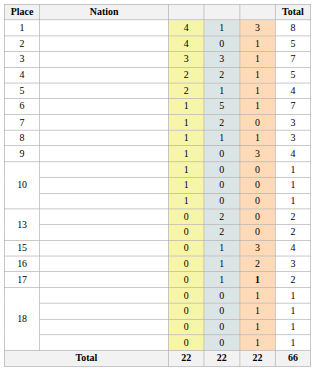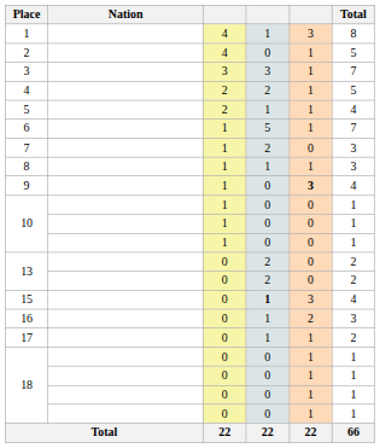 <table class="wikitable" style="border:1px solid #AAAAAA">
 <tr bgcolor="#EFEFEF">
 <th width=50>Place</th>
 <th width=200>Nation</th>
 <th width=50></th>
 <th width=50></th>
 <th width=50></th>
 <th width=50>Total</th>
 </tr>
 <tr align=center bgcolor="#FFFFFF">
 <td>1</td>
 <td align="left"></td>
 <td style="background:#F7F6A8;">4</td>
 <td style="background:#DCE5E5;">1</td>
 <td style="background:#FFDAB9;">3</td>
 <td>8</td>
 </tr>
 <tr align=center bgcolor="#FFFFFF">
 <td>2</td>
 <td align="left"></td>
 <td style="background:#F7F6A8;">4</td>
 <td style="background:#DCE5E5;">0</td>
 <td style="background:#FFDAB9;">1</td>
 <td>5</td>
 </tr>
 <tr align=center bgcolor="#FFFFFF">
 <td>3</td>
 <td align="left"></td>
 <td style="background:#F7F6A8;">3</td>
 <td style="background:#DCE5E5;">3</td>
 <td style="background:#FFDAB9;">1</td>
 <td>7</td>
 </tr>
 <tr align=center bgcolor="#FFFFFF">
 <td>4</td>
 <td align="left"></td>
 <td style="background:#F7F6A8;">2</td>
 <td style="background:#DCE5E5;">2</td>
 <td style="background:#FFDAB9;">1</td>
 <td>5</td>
 </tr>
 <tr align=center bgcolor="#FFFFFF">
 <td>5</td>
 <td align="left"></td>
 <td style="background:#F7F6A8;">2</td>
 <td style="background:#DCE5E5;">1</td>
 <td style="background:#FFDAB9;">1</td>
 <td>4</td>
 </tr>
 <tr align=center bgcolor="#FFFFFF">
 <td>6</td>
 <td align="left"></td>
 <td style="background:#F7F6A8;">1</td>
 <td style="background:#DCE5E5;">5</td>
 <td style="background:#FFDAB9;">1</td>
 <td>7</td>
 </tr>
 <tr align=center bgcolor="#FFFFFF">
 <td>7</td>
 <td align="left"></td>
 <td style="background:#F7F6A8;">1</td>
 <td style="background:#DCE5E5;">2</td>
 <td style="background:#FFDAB9;">0</td>
 <td>3</td>
 </tr>
 <tr align=center bgcolor="#FFFFFF">
 <td>8</td>
 <td align="left"></td>
 <td style="background:#F7F6A8;">1</td>
 <td style="background:#DCE5E5;">1</td>
 <td style="background:#FFDAB9;">1</td>
 <td>3</td>
 </tr>
 <tr align=center bgcolor="#FFFFFF">
 <td>9</td>
 <td align="left"></td>
 <td style="background:#F7F6A8;">1</td>
 <td style="background:#DCE5E5;">0</td>
-<td style="background:#FFDAB9;">3</td>
+<td style="background:#FFDAB9;"><strong>3</strong></td>
 <td>4</td>
 </tr>
 <tr align=center bgcolor="#FFFFFF">
 <td rowspan=3>10</td>
 <td align="left"></td>
 <td style="background:#F7F6A8;">1</td>
 <td style="background:#DCE5E5;">0</td>
 <td style="background:#FFDAB9;">0</td>
 <td>1</td>
 </tr>
 <tr align=center bgcolor="#FFFFFF">
 <td align="left"></td>
 <td style="background:#F7F6A8;">1</td>
 <td style="background:#DCE5E5;">0</td>
 <td style="background:#FFDAB9;">0</td>
 <td>1</td>
 </tr>
 <tr align=center bgcolor="#FFFFFF">
 <td align="left"></td>
 <td style="background:#F7F6A8;">1</td>
 <td style="background:#DCE5E5;">0</td>
 <td style="background:#FFDAB9;">0</td>
 <td>1</td>
 </tr>
 <tr align=center bgcolor="#FFFFFF">
 <td rowspan=2>13</td>
 <td align="left"></td>
 <td style="background:#F7F6A8;">0</td>
 <td style="background:#DCE5E5;">2</td>
 <td style="background:#FFDAB9;">0</td>
 <td>2</td>
 </tr>
 <tr align=center bgcolor="#FFFFFF">
 <td align="left"></td>
 <td style="background:#F7F6A8;">0</td>
 <td style="background:#DCE5E5;">2</td>
 <td style="background:#FFDAB9;">0</td>
 <td>2</td>
 </tr>
 <tr align=center bgcolor="#FFFFFF">
 <td>15</td>
 <td align="left"></td>
 <td style="background:#F7F6A8;">0</td>
-<td style="background:#DCE5E5;">1</td>
+<td style="background:#DCE5E5;"><strong>1</strong></td>
 <td style="background:#FFDAB9;">3</td>
 <td>4</td>
 </tr>
 <tr align=center bgcolor="#FFFFFF">
 <td>16</td>
 <td align="left"></td>
 <td style="background:#F7F6A8;">0</td>
 <td style="background:#DCE5E5;">1</td>
 <td style="background:#FFDAB9;">2</td>
 <td>3</td>
 </tr>
 <tr align=center bgcolor="#FFFFFF">
 <td>17</td>
 <td align="left"></td>
 <td style="background:#F7F6A8;">0</td>
 <td style="background:#DCE5E5;">1</td>
-<td style="background:#FFDAB9;"><strong>1</strong></td>
+<td style="background:#FFDAB9;">1</td>
 <td>2</td>
 </tr>
 <tr align=center bgcolor="#FFFFFF">
 <td rowspan=4>18</td>
 <td align="left"></td>
 <td style="background:#F7F6A8;">0</td>
 <td style="background:#DCE5E5;">0</td>
 <td style="background:#FFDAB9;">1</td>
 <td>1</td>
 </tr>
 <tr align=center bgcolor="#FFFFFF">
 <td align="left"></td>
 <td style="background:#F7F6A8;">0</td>
 <td style="background:#DCE5E5;">0</td>
 <td style="background:#FFDAB9;">1</td>
 <td>1</td>
 </tr>
 <tr align=center bgcolor="#FFFFFF">
 <td align="left"></td>
 <td style="background:#F7F6A8;">0</td>
 <td style="background:#DCE5E5;">0</td>
 <td style="background:#FFDAB9;">1</td>
 <td>1</td>
 </tr>
 <tr align=center bgcolor="#FFFFFF">
 <td align="left"></td>
 <td style="background:#F7F6A8;">0</td>
 <td style="background:#DCE5E5;">0</td>
 <td style="background:#FFDAB9;">1</td>
 <td>1</td>
 </tr>
 <tr bgcolor="#EFEFEF">
 <th colspan=2>Total</th>
 <th>22</th>
 <th>22</th>
 <th>22</th>
 <th>66</th>
 </tr>
 </table>
